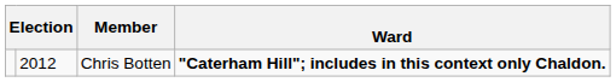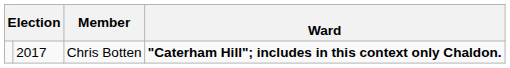 <table class="wikitable">
 <tr>
 <th colspan="2">Election</th>
 <th>Member</th>
 <th><br>Ward</th>
 </tr>
 <tr>
 <td style="background-color: "></td>
-<td>2012</td>
+<td>2017</td>
 <td>Chris Botten</td>
 <td><strong>"Caterham Hill"; includes in this context only Chaldon.</strong></td>
 </tr>
 </table>
